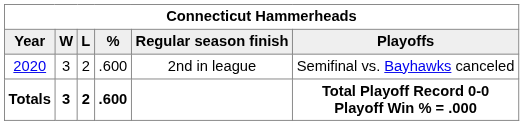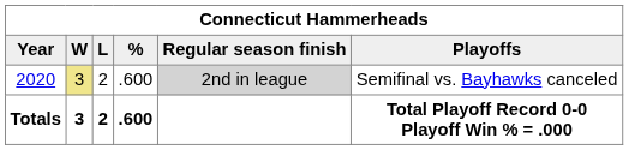 <table class="toccolours" border="1" cellpadding="4" cellspacing="2" style="border-collapse: collapse;">
 <tr>
 <td colspan="6" align="center"><strong>Connecticut Hammerheads</strong></td>
 </tr>
 <tr bgcolor="#efefef">
 <th>Year</th>
 <th>W</th>
 <th>L</th>
 <th>%</th>
 <th>Regular season finish</th>
 <th>Playoffs</th>
 </tr>
 <tr ALIGN=center>
 <td><a href='#'>2020</a></td>
-<td>3</td>
+<td style="background: khaki;">3</td>
 <td>2</td>
 <td>.600</td>
-<td>2nd in league</td>
+<td style="background: lightgrey;">2nd in league</td>
 <td>Semifinal vs. <a href='#'>Bayhawks</a> canceled</td>
 </tr>
 <tr align="center">
 <th><strong>Totals</strong></th>
 <th>3</th>
 <th>2</th>
 <th>.600</th>
 <th></th>
 <th><strong>Total Playoff Record 0-0</strong> <br> <strong>Playoff Win % = .000</strong></th>
 </tr>
 </table>
